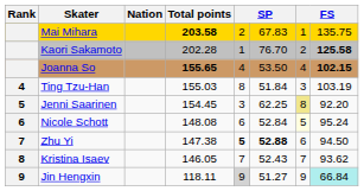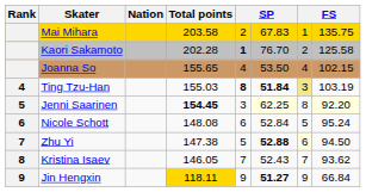 <table class="wikitable sortable" style="text-align:left">
 <tr>
 <th scope="col">Rank</th>
 <th scope="col">Skater</th>
 <th scope="col">Nation</th>
 <th scope="col">Total points</th>
 <th scope="col" colspan="2" width="80px"><a href='#'>SP</a></th>
 <th scope="col" colspan="2" width="80px"><a href='#'>FS</a></th>
 </tr>
 <tr bgcolor="gold">
 <th scope="row"></th>
 <td><a href='#'>Mai Mihara</a></td>
 <td></td>
-<td align="center"><strong>203.58</strong></td>
+<td align="center">203.58</td>
 <td align="center">2</td>
 <td align="center">67.83</td>
 <td align="center">1</td>
 <td align="center">135.75</td>
 </tr>
 <tr bgcolor="silver">
 <th scope="row"></th>
 <td><a href='#'>Kaori Sakamoto</a></td>
 <td></td>
 <td align="center">202.28</td>
-<td align="center">1</td>
+<td align="center"><strong>1</strong></td>
 <td align="center">76.70</td>
 <td align="center">2</td>
-<td align="center"><strong>125.58</strong></td>
+<td align="center">125.58</td>
 </tr>
 <tr bgcolor="cc9966">
 <th scope="row"></th>
 <td><a href='#'>Joanna So</a></td>
 <td></td>
-<td align="center"><strong>155.65</strong></td>
+<td align="center">155.65</td>
 <td align="center">4</td>
 <td align="center">53.50</td>
 <td align="center">4</td>
-<td align="center"><strong>102.15</strong></td>
+<td align="center">102.15</td>
 </tr>
 <tr>
 <th scope="row">4</th>
 <td><a href='#'>Ting Tzu-Han</a></td>
 <td></td>
 <td align="center">155.03</td>
-<td align="center">8</td>
-<td align="center">51.84</td>
-<td align="center">3</td>
+<td align="center"><strong>8</strong></td>
+<td align="center"><strong>51.84</strong></td>
+<td align="center" style="background: khaki;">3</td>
 <td align="center">103.19</td>
 </tr>
 <tr>
 <th scope="row">5</th>
 <td><a href='#'>Jenni Saarinen</a></td>
 <td></td>
-<td align="center">154.45</td>
+<td align="center"><strong>154.45</strong></td>
 <td align="center">3</td>
-<td align="center">62.25</td>
-<td align="center" style="background: khaki;">8</td>
-<td align="center">92.20</td>
+<td align="center" style="background: lightyellow;">62.25</td>
+<td align="center">8</td>
+<td align="center" style="background: lightyellow;">92.20</td>
 </tr>
 <tr>
 <th scope="row">6</th>
 <td><a href='#'>Nicole Schott</a></td>
 <td></td>
 <td align="center">148.08</td>
 <td align="center">6</td>
 <td align="center">52.84</td>
-<td align="center" style="background: lightyellow;">5</td>
+<td align="center">5</td>
 <td align="center">95.24</td>
 </tr>
 <tr>
 <th scope="row">7</th>
 <td><a href='#'>Zhu Yi</a></td>
 <td></td>
 <td align="center">147.38</td>
-<td align="center"><strong>5</strong></td>
+<td align="center">5</td>
 <td align="center"><strong>52.88</strong></td>
-<td align="center">6</td>
+<td align="center" style="background: lightyellow;">6</td>
 <td align="center">94.50</td>
 </tr>
 <tr>
 <th scope="row">8</th>
 <td><a href='#'>Kristina Isaev</a></td>
 <td></td>
 <td align="center">146.05</td>
 <td align="center">7</td>
 <td align="center">52.43</td>
 <td align="center">7</td>
 <td align="center">93.62</td>
 </tr>
 <tr>
 <th scope="row">9</th>
 <td><a href='#'>Jin Hengxin</a></td>
 <td></td>
-<td align="center">118.11</td>
-<td align="center" style="background: lightgrey;">9</td>
-<td align="center">51.27</td>
+<td align="center" style="background: gold;">118.11</td>
 <td align="center">9</td>
-<td align="center" style="background: paleturquoise;">66.84</td>
+<td align="center"><strong>51.27</strong></td>
+<td align="center">9</td>
+<td align="center">66.84</td>
 </tr>
 </table>
